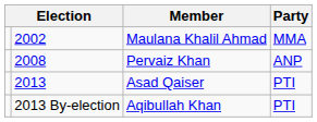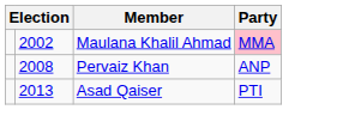 <table class="wikitable">
 <tr>
 <th colspan="2">Election</th>
 <th>Member</th>
 <th>Party</th>
 </tr>
 <tr>
 <td style="background-color: "></td>
 <td><a href='#'>2002</a></td>
 <td><a href='#'>Maulana Khalil Ahmad</a></td>
-<td><a href='#'>MMA</a></td>
+<td style="background: pink;"><a href='#'>MMA</a></td>
 </tr>
 <tr>
 <td style="background-color: "></td>
 <td><a href='#'>2008</a></td>
 <td><a href='#'>Pervaiz Khan</a></td>
 <td><a href='#'>ANP</a></td>
 </tr>
 <tr>
 <td style="background-color: "></td>
 <td><a href='#'>2013</a></td>
 <td><a href='#'>Asad Qaiser</a></td>
 <td><a href='#'>PTI</a></td>
 </tr>
-<tr>
-<td style="background-color: "></td>
-<td>2013 By-election</td>
-<td><a href='#'>Aqibullah Khan</a></td>
-<td><a href='#'>PTI</a></td>
-</tr>
 </table>
